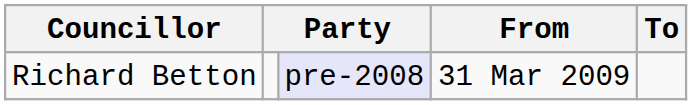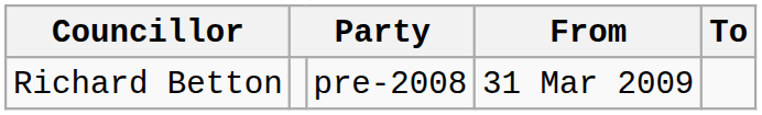 <table class=wikitable>
 <tr>
 <th>Councillor</th>
 <th colspan=2>Party</th>
 <th>From</th>
 <th>To</th>
 </tr>
 <tr>
 <td>Richard Betton</td>
 <td></td>
-<td align=right style="background: lavender;">pre-2008</td>
+<td align=right>pre-2008</td>
 <td align=right>31 Mar 2009</td>
 </tr>
 </table>
